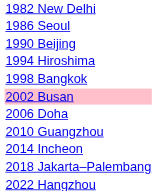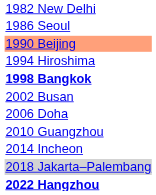 <table>
 <tr>
 <td><a href='#'>1982 New Delhi</a></td>
 <td></td>
 <td></td>
 <td></td>
 </tr>
 <tr>
 <td><a href='#'>1986 Seoul</a></td>
 <td></td>
 <td></td>
 <td></td>
 </tr>
 <tr>
-<td><a href='#'>1990 Beijing</a></td>
+<td style="background: lightsalmon;"><a href='#'>1990 Beijing</a></td>
 <td></td>
 <td></td>
 <td></td>
 </tr>
 <tr>
 <td><a href='#'>1994 Hiroshima</a></td>
 <td></td>
 <td></td>
 <td></td>
 </tr>
 <tr>
-<td><a href='#'>1998 Bangkok</a></td>
+<td><strong><a href='#'>1998 Bangkok</a></strong></td>
 <td></td>
 <td></td>
 <td></td>
 </tr>
 <tr>
-<td style="background: pink;"><a href='#'>2002 Busan</a></td>
+<td><a href='#'>2002 Busan</a></td>
 <td></td>
 <td></td>
 <td></td>
 </tr>
 <tr>
 <td><a href='#'>2006 Doha</a></td>
 <td></td>
 <td></td>
 <td></td>
 </tr>
 <tr>
 <td><a href='#'>2010 Guangzhou</a></td>
 <td></td>
 <td></td>
 <td></td>
 </tr>
 <tr>
 <td><a href='#'>2014 Incheon</a></td>
 <td></td>
 <td></td>
 <td></td>
 </tr>
 <tr>
-<td><a href='#'>2018 Jakarta–Palembang</a></td>
+<td style="background: lightgrey;"><a href='#'>2018 Jakarta–Palembang</a></td>
 <td></td>
 <td></td>
 <td></td>
 </tr>
 <tr>
-<td><a href='#'>2022 Hangzhou</a></td>
+<td><strong><a href='#'>2022 Hangzhou</a></strong></td>
 <td></td>
 <td></td>
 <td></td>
 </tr>
 </table>
